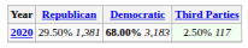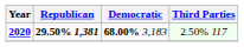 <table class="wikitable" style="float:right; font-size:95%;">
 <tr bgcolor=lightgrey>
 <th>Year</th>
 <th><a href='#'>Republican</a></th>
 <th><a href='#'>Democratic</a></th>
 <th><a href='#'>Third Parties</a></th>
 </tr>
 <tr>
 <td style="text-align:center; "><strong><a href='#'>2020</a></strong></td>
-<td style="text-align:center; ">29.50% <em>1,381</em></td>
+<td style="text-align:center; "><strong>29.50% <em>1,381</em></strong></td>
 <td style="text-align:center; "><strong>68.00%</strong> <em>3,183</em></td>
 <td style="text-align:center; background:honeyDew;">2.50% <em>117</em></td>
 </tr>
 <tr>
 </tr>
 </table>
